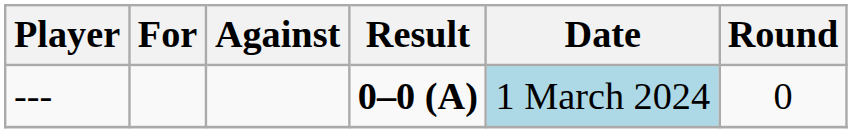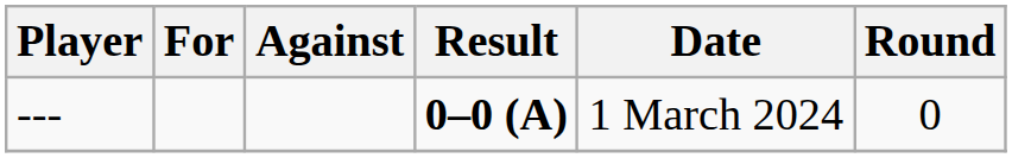 <table class="wikitable sortable">
 <tr>
 <th>Player</th>
 <th>For</th>
 <th>Against</th>
 <th>Result</th>
 <th>Date</th>
 <th>Round</th>
 </tr>
 <tr>
 <td> ---</td>
 <td></td>
 <td></td>
 <td align=center><strong>0–0 (A)</strong></td>
-<td align=center style="background: lightblue;">1 March 2024</td>
+<td align=center>1 March 2024</td>
 <td align=center>0</td>
 </tr>
 <tr>
 </tr>
 </table>
